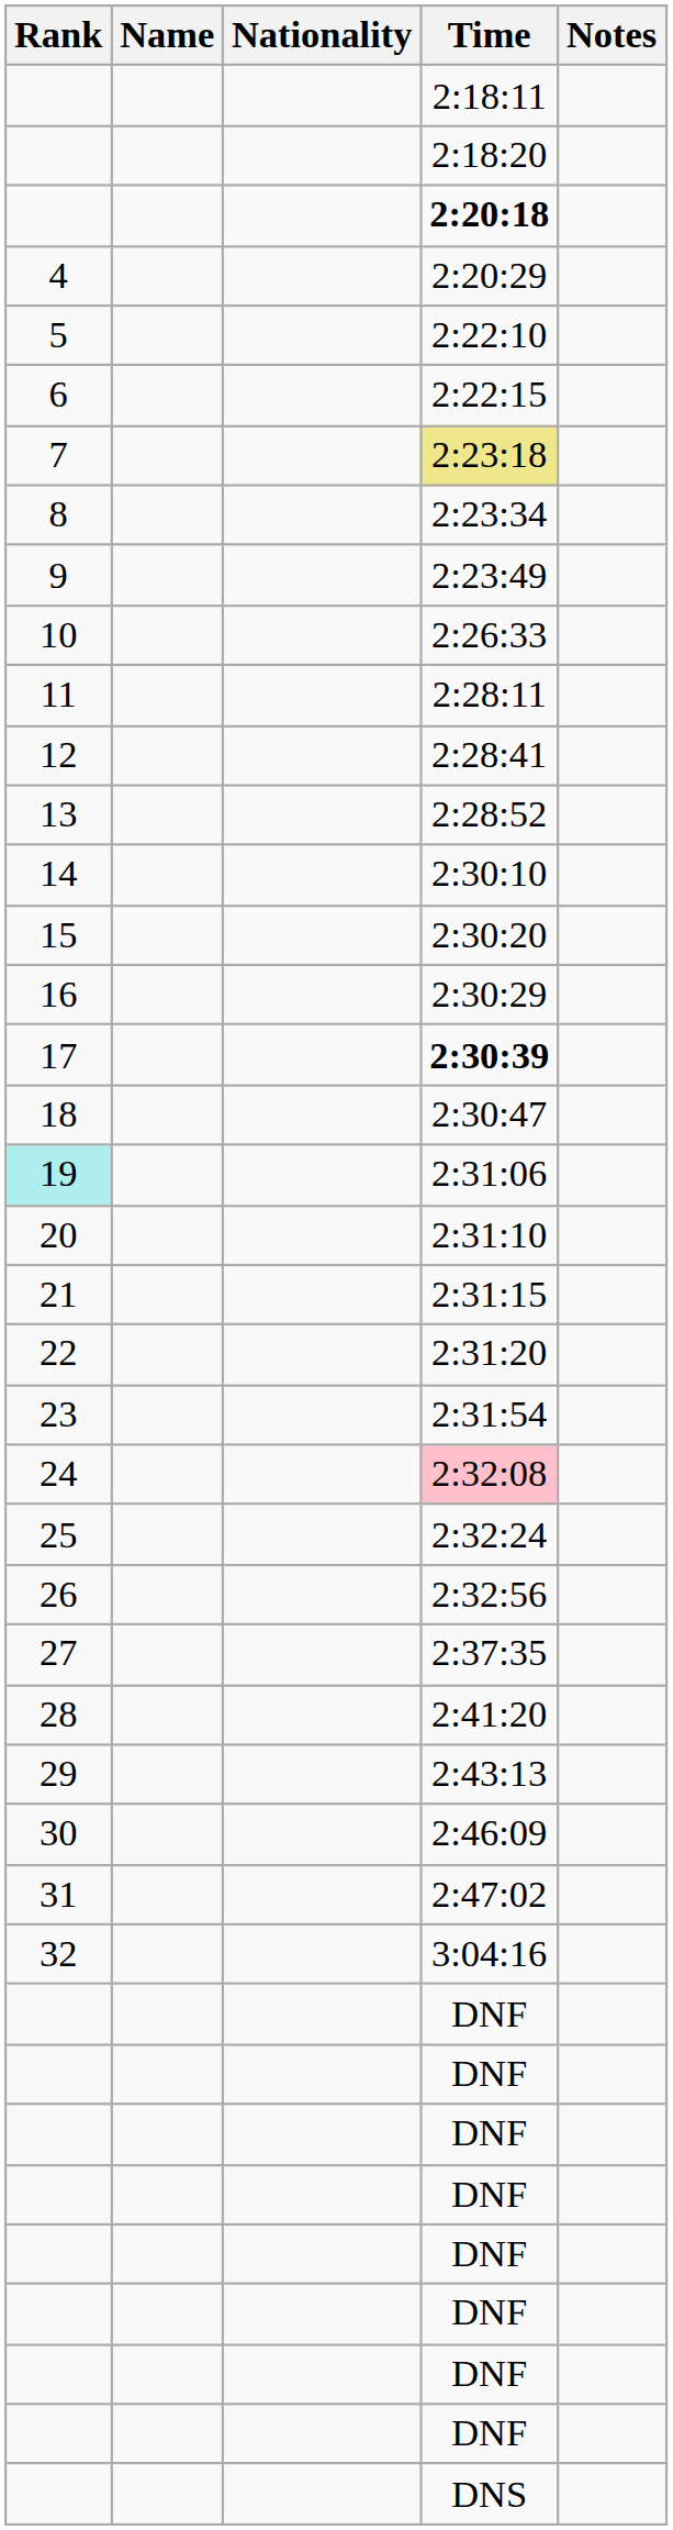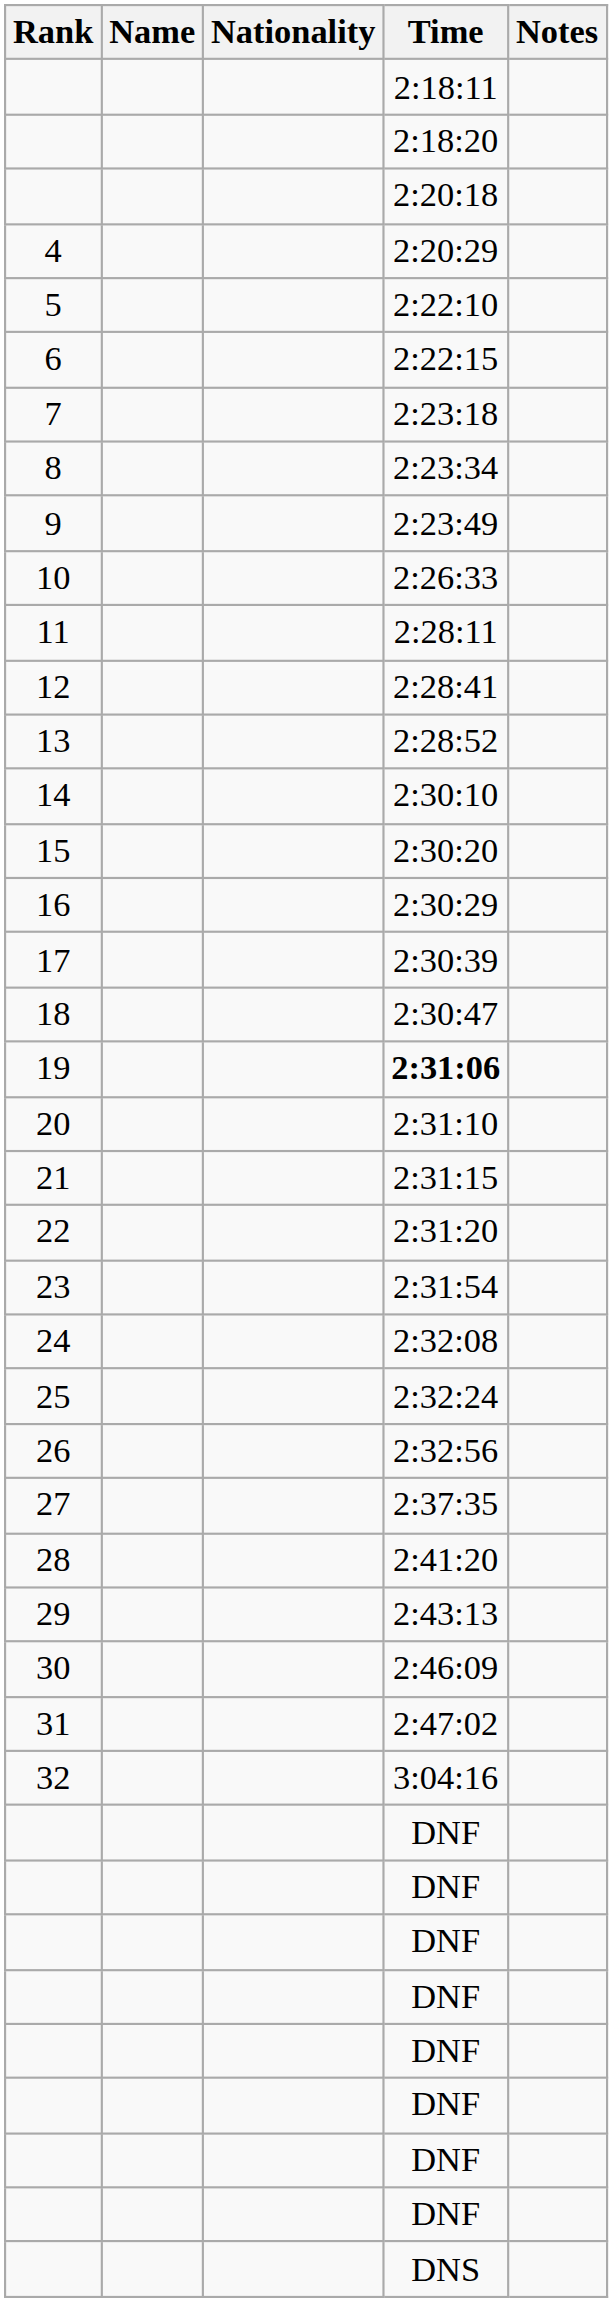 <table class="wikitable sortable" style="text-align:center">
 <tr>
 <th scope="col">Rank</th>
 <th scope="col">Name</th>
 <th scope="col">Nationality</th>
 <th scope="col">Time</th>
 <th scope="col">Notes</th>
 </tr>
 <tr>
 <td scope="row"></td>
 <td align="left"></td>
 <td align="left"></td>
 <td>2:18:11</td>
 <td></td>
 </tr>
 <tr>
 <td scope="row"></td>
 <td align="left"></td>
 <td align="left"></td>
 <td>2:18:20</td>
 <td></td>
 </tr>
 <tr>
 <td scope="row"></td>
 <td align="left"></td>
 <td align="left"></td>
-<td><strong>2:20:18</strong></td>
+<td>2:20:18</td>
 <td></td>
 </tr>
 <tr>
 <td scope="row">4</td>
 <td align="left"></td>
 <td align="left"></td>
 <td>2:20:29</td>
 <td></td>
 </tr>
 <tr>
 <td scope="row">5</td>
 <td align="left"></td>
 <td align="left"></td>
 <td>2:22:10</td>
 <td></td>
 </tr>
 <tr>
 <td scope="row">6</td>
 <td align="left"></td>
 <td align="left"></td>
 <td>2:22:15</td>
 <td></td>
 </tr>
 <tr>
 <td scope="row">7</td>
 <td align="left"></td>
 <td align="left"></td>
-<td style="background: khaki;">2:23:18</td>
+<td>2:23:18</td>
 <td></td>
 </tr>
 <tr>
 <td scope="row">8</td>
 <td align="left"></td>
 <td align="left"></td>
 <td>2:23:34</td>
 <td></td>
 </tr>
 <tr>
 <td scope="row">9</td>
 <td align="left"></td>
 <td align="left"></td>
 <td>2:23:49</td>
 <td></td>
 </tr>
 <tr>
 <td scope="row">10</td>
 <td align="left"></td>
 <td align="left"></td>
 <td>2:26:33</td>
 <td></td>
 </tr>
 <tr>
 <td scope="row">11</td>
 <td align="left"></td>
 <td align="left"></td>
 <td>2:28:11</td>
 <td></td>
 </tr>
 <tr>
 <td scope="row">12</td>
 <td align="left"></td>
 <td align="left"></td>
 <td>2:28:41</td>
 <td></td>
 </tr>
 <tr>
 <td scope="row">13</td>
 <td align="left"></td>
 <td align="left"></td>
 <td>2:28:52</td>
 <td></td>
 </tr>
 <tr>
 <td scope="row">14</td>
 <td align="left"></td>
 <td align="left"></td>
 <td>2:30:10</td>
 <td></td>
 </tr>
 <tr>
 <td scope="row">15</td>
 <td align="left"></td>
 <td align="left"></td>
 <td>2:30:20</td>
 <td></td>
 </tr>
 <tr>
 <td scope="row">16</td>
 <td align="left"></td>
 <td align="left"></td>
 <td>2:30:29</td>
 <td></td>
 </tr>
 <tr>
 <td scope="row">17</td>
 <td align="left"></td>
 <td align="left"></td>
-<td><strong>2:30:39</strong></td>
+<td>2:30:39</td>
 <td></td>
 </tr>
 <tr>
 <td scope="row">18</td>
 <td align="left"></td>
 <td align="left"></td>
 <td>2:30:47</td>
 <td></td>
 </tr>
 <tr>
-<td scope="row" style="background: paleturquoise;">19</td>
+<td scope="row">19</td>
 <td align="left"></td>
 <td align="left"></td>
-<td>2:31:06</td>
+<td><strong>2:31:06</strong></td>
 <td></td>
 </tr>
 <tr>
 <td scope="row">20</td>
 <td align="left"></td>
 <td align="left"></td>
 <td>2:31:10</td>
 <td></td>
 </tr>
 <tr>
 <td scope="row">21</td>
 <td align="left"></td>
 <td align="left"></td>
 <td>2:31:15</td>
 <td></td>
 </tr>
 <tr>
 <td scope="row">22</td>
 <td align="left"></td>
 <td align="left"></td>
 <td>2:31:20</td>
 <td></td>
 </tr>
 <tr>
 <td scope="row">23</td>
 <td align="left"></td>
 <td align="left"></td>
 <td>2:31:54</td>
 <td></td>
 </tr>
 <tr>
 <td scope="row">24</td>
 <td align="left"></td>
 <td align="left"></td>
-<td style="background: pink;">2:32:08</td>
+<td>2:32:08</td>
 <td></td>
 </tr>
 <tr>
 <td scope="row">25</td>
 <td align="left"></td>
 <td align="left"></td>
 <td>2:32:24</td>
 <td></td>
 </tr>
 <tr>
 <td scope="row">26</td>
 <td align="left"></td>
 <td align="left"></td>
 <td>2:32:56</td>
 <td></td>
 </tr>
 <tr>
 <td scope="row">27</td>
 <td align="left"></td>
 <td align="left"></td>
 <td>2:37:35</td>
 <td></td>
 </tr>
 <tr>
 <td scope="row">28</td>
 <td align="left"></td>
 <td align="left"></td>
 <td>2:41:20</td>
 <td></td>
 </tr>
 <tr>
 <td scope="row">29</td>
 <td align="left"></td>
 <td align="left"></td>
 <td>2:43:13</td>
 <td></td>
 </tr>
 <tr>
 <td scope="row">30</td>
 <td align="left"></td>
 <td align="left"></td>
 <td>2:46:09</td>
 <td></td>
 </tr>
 <tr>
 <td scope="row">31</td>
 <td align="left"></td>
 <td align="left"></td>
 <td>2:47:02</td>
 <td></td>
 </tr>
 <tr>
 <td scope="row">32</td>
 <td align="left"></td>
 <td align="left"></td>
 <td>3:04:16</td>
 <td></td>
 </tr>
 <tr>
 <td scope="row"></td>
 <td align="left"></td>
 <td align="left"></td>
 <td>DNF</td>
 <td></td>
 </tr>
 <tr>
 <td scope="row"></td>
 <td align="left"></td>
 <td align="left"></td>
 <td>DNF</td>
 <td></td>
 </tr>
 <tr>
 <td scope="row"></td>
 <td align="left"></td>
 <td align="left"></td>
 <td>DNF</td>
 <td></td>
 </tr>
 <tr>
 <td scope="row"></td>
 <td align="left"></td>
 <td align="left"></td>
 <td>DNF</td>
 <td></td>
 </tr>
 <tr>
 <td scope="row"></td>
 <td align="left"></td>
 <td align="left"></td>
 <td>DNF</td>
 <td></td>
 </tr>
 <tr>
 <td scope="row"></td>
 <td align="left"></td>
 <td align="left"></td>
 <td>DNF</td>
 <td></td>
 </tr>
 <tr>
 <td scope="row"></td>
 <td align="left"></td>
 <td align="left"></td>
 <td>DNF</td>
 <td></td>
 </tr>
 <tr>
 <td scope="row"></td>
 <td align="left"></td>
 <td align="left"></td>
 <td>DNF</td>
 <td></td>
 </tr>
 <tr>
 <td scope="row"></td>
 <td align="left"></td>
 <td align="left"></td>
 <td>DNS</td>
 <td></td>
 </tr>
 </table>
